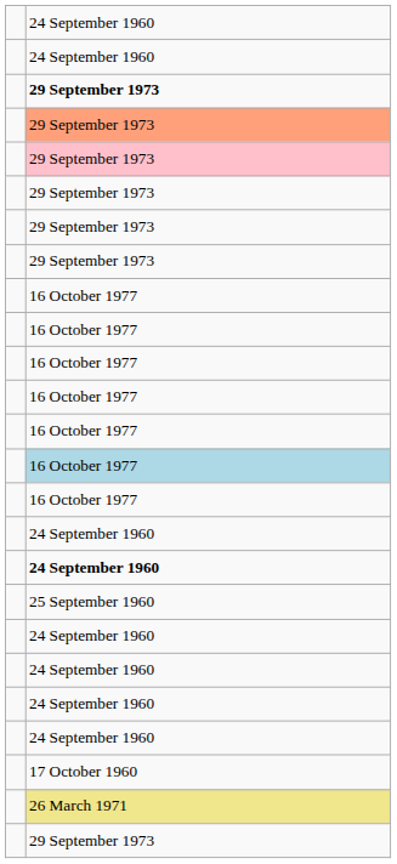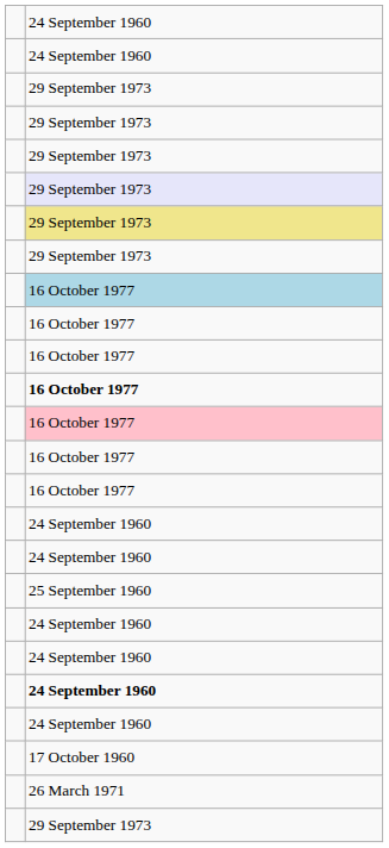 <table class="wikitable" style="font-size: 89%; float: left; width: 24em; margin-right: 1em; line-height: 1.65em">
 <tr>
 <td></td>
 <td>24 September 1960</td>
 </tr>
 <tr>
 <td></td>
 <td>24 September 1960</td>
-</tr>
-<tr>
-<td></td>
-<td><strong>29 September 1973</strong></td>
-</tr>
-<tr>
-<td></td>
-<td style="background: lightsalmon;">29 September 1973</td>
-</tr>
-<tr>
-<td></td>
-<td style="background: pink;">29 September 1973</td>
 </tr>
 <tr>
 <td></td>
 <td>29 September 1973</td>
 </tr>
 <tr>
 <td></td>
 <td>29 September 1973</td>
 </tr>
 <tr>
 <td></td>
 <td>29 September 1973</td>
 </tr>
 <tr>
 <td></td>
-<td>16 October 1977</td>
+<td style="background: lavender;">29 September 1973</td>
+</tr>
+<tr>
+<td></td>
+<td style="background: khaki;">29 September 1973</td>
+</tr>
+<tr>
+<td></td>
+<td>29 September 1973</td>
+</tr>
+<tr>
+<td></td>
+<td style="background: lightblue;">16 October 1977</td>
 </tr>
 <tr>
 <td></td>
 <td>16 October 1977</td>
 </tr>
 <tr>
 <td></td>
 <td>16 October 1977</td>
 </tr>
 <tr>
 <td></td>
-<td>16 October 1977</td>
+<td><strong>16 October 1977</strong></td>
+</tr>
+<tr>
+<td></td>
+<td style="background: pink;">16 October 1977</td>
 </tr>
 <tr>
 <td></td>
 <td>16 October 1977</td>
-</tr>
-<tr>
-<td></td>
-<td style="background: lightblue;">16 October 1977</td>
 </tr>
 <tr>
 <td></td>
 <td>16 October 1977</td>
 </tr>
 <tr>
 <td></td>
 <td>24 September 1960</td>
 </tr>
 <tr>
 <td></td>
-<td><strong>24 September 1960</strong></td>
+<td>24 September 1960</td>
 </tr>
 <tr>
 <td></td>
 <td>25 September 1960</td>
 </tr>
 <tr>
 <td></td>
 <td>24 September 1960</td>
 </tr>
 <tr>
 <td></td>
 <td>24 September 1960</td>
 </tr>
 <tr>
 <td></td>
-<td>24 September 1960</td>
+<td><strong>24 September 1960</strong></td>
 </tr>
 <tr>
 <td></td>
 <td>24 September 1960</td>
 </tr>
 <tr>
 <td></td>
 <td>17 October 1960</td>
 </tr>
 <tr>
 <td></td>
-<td style="background: khaki;">26 March 1971</td>
+<td>26 March 1971</td>
 </tr>
 <tr>
 <td></td>
 <td>29 September 1973</td>
 </tr>
 </table>
